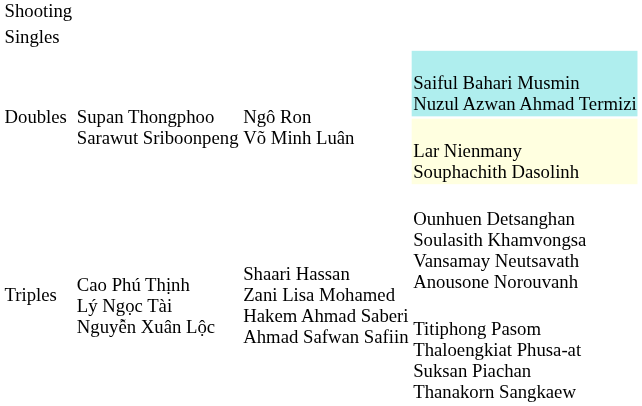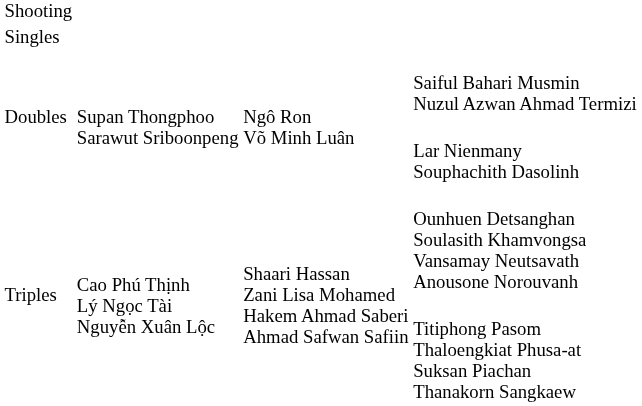 <table>
 <tr>
 <td rowspan=2>Shooting</td>
 <td rowspan=2></td>
 <td rowspan=2></td>
 <td></td>
 </tr>
 <tr>
 <td></td>
 </tr>
 <tr>
 <td rowspan=2>Singles</td>
 <td rowspan=2></td>
 <td rowspan=2></td>
 <td></td>
 </tr>
 <tr>
 <td></td>
 </tr>
 <tr>
 <td rowspan=2>Doubles</td>
 <td rowspan=2><br>Supan Thongphoo<br>Sarawut Sriboonpeng</td>
 <td rowspan=2><br>Ngô Ron<br>Võ Minh Luân</td>
-<td style="background: paleturquoise;"><br>Saiful Bahari Musmin<br>Nuzul Azwan Ahmad Termizi</td>
+<td><br>Saiful Bahari Musmin<br>Nuzul Azwan Ahmad Termizi</td>
 </tr>
 <tr>
-<td style="background: lightyellow;"><br>Lar Nienmany<br>Souphachith Dasolinh</td>
+<td><br>Lar Nienmany<br>Souphachith Dasolinh</td>
 </tr>
 <tr>
 <td rowspan=2>Triples</td>
 <td rowspan=2><br>Cao Phú Thịnh<br>Lý Ngọc Tài<br>Nguyễn Xuân Lộc</td>
 <td rowspan=2><br>Shaari Hassan<br>Zani Lisa Mohamed<br>Hakem Ahmad Saberi<br>Ahmad Safwan Safiin</td>
 <td><br>Ounhuen Detsanghan<br>Soulasith Khamvongsa<br>Vansamay Neutsavath<br>Anousone Norouvanh</td>
 </tr>
 <tr>
 <td><br>Titiphong Pasom<br>Thaloengkiat Phusa-at<br>Suksan Piachan<br>Thanakorn Sangkaew</td>
 </tr>
 </table>
